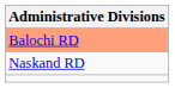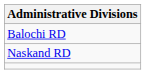 <table class="wikitable">
 <tr>
 <th>Administrative Divisions</th>
 </tr>
 <tr>
-<td style="background: lightsalmon;"><a href='#'>Balochi RD</a></td>
+<td><a href='#'>Balochi RD</a></td>
 </tr>
 <tr>
 <td><a href='#'>Naskand RD</a></td>
 </tr>
 <tr>
 <td colspan=1></td>
 </tr>
 </table>
